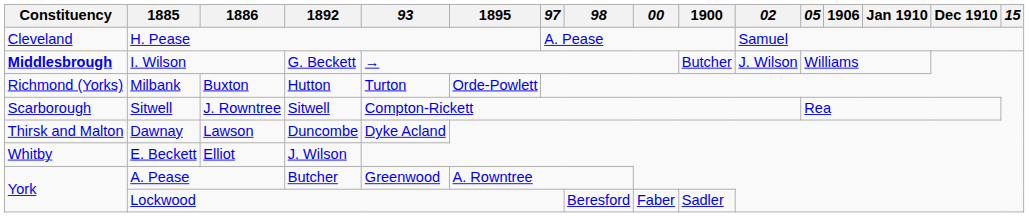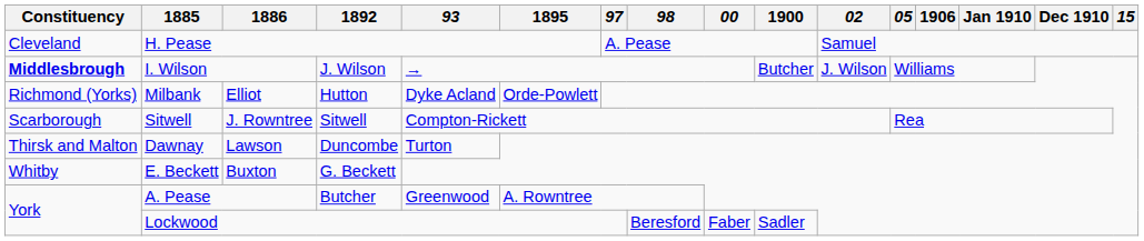 <table class="wikitable">
 <tr>
 <th>Constituency</th>
 <th>1885</th>
 <th>1886</th>
 <th>1892</th>
 <th><em>93</em></th>
 <th>1895</th>
 <th><em>97</em></th>
 <th><em>98</em></th>
 <th><em>00</em></th>
 <th>1900</th>
 <th><em>02</em></th>
 <th><em>05</em></th>
 <th>1906</th>
 <th>Jan 1910</th>
 <th>Dec 1910</th>
 <th><em>15</em></th>
 </tr>
 <tr>
 <td><a href='#'>Cleveland</a></td>
 <td colspan="5"><a href='#'>H. Pease</a></td>
 <td colspan="4"><a href='#'>A. Pease</a></td>
 <td colspan="6"><a href='#'>Samuel</a></td>
 </tr>
 <tr>
 <td><strong><a href='#'>Middlesbrough</a></strong></td>
 <td colspan="2"><a href='#'>I. Wilson</a></td>
-<td><a href='#'>G. Beckett</a></td>
+<td><a href='#'>J. Wilson</a></td>
 <td colspan="5"><a href='#'>→</a></td>
 <td><a href='#'>Butcher</a></td>
 <td><a href='#'>J. Wilson</a></td>
 <td colspan="3"><a href='#'>Williams</a></td>
 </tr>
 <tr>
 <td><a href='#'>Richmond (Yorks)</a></td>
 <td><a href='#'>Milbank</a></td>
-<td><a href='#'>Buxton</a></td>
+<td><a href='#'>Elliot</a></td>
 <td><a href='#'>Hutton</a></td>
-<td><a href='#'>Turton</a></td>
+<td><a href='#'>Dyke Acland</a></td>
 <td><a href='#'>Orde-Powlett</a></td>
 </tr>
 <tr>
 <td><a href='#'>Scarborough</a></td>
 <td><a href='#'>Sitwell</a></td>
 <td><a href='#'>J. Rowntree</a></td>
 <td><a href='#'>Sitwell</a></td>
 <td colspan="7"><a href='#'>Compton-Rickett</a></td>
 <td colspan="4"><a href='#'>Rea</a></td>
 </tr>
 <tr>
 <td><a href='#'>Thirsk and Malton</a></td>
 <td><a href='#'>Dawnay</a></td>
 <td><a href='#'>Lawson</a></td>
 <td><a href='#'>Duncombe</a></td>
-<td><a href='#'>Dyke Acland</a></td>
+<td><a href='#'>Turton</a></td>
 </tr>
 <tr>
 <td><a href='#'>Whitby</a></td>
 <td><a href='#'>E. Beckett</a></td>
-<td><a href='#'>Elliot</a></td>
-<td><a href='#'>J. Wilson</a></td>
+<td><a href='#'>Buxton</a></td>
+<td><a href='#'>G. Beckett</a></td>
 </tr>
 <tr>
 <td rowspan="2"><a href='#'>York</a></td>
 <td colspan="2"><a href='#'>A. Pease</a></td>
 <td><a href='#'>Butcher</a></td>
 <td><a href='#'>Greenwood</a></td>
 <td colspan="3"><a href='#'>A. Rowntree</a></td>
 </tr>
 <tr>
 <td colspan="6"><a href='#'>Lockwood</a></td>
 <td><a href='#'>Beresford</a></td>
 <td><a href='#'>Faber</a></td>
 <td><a href='#'>Sadler</a></td>
 </tr>
 </table>
